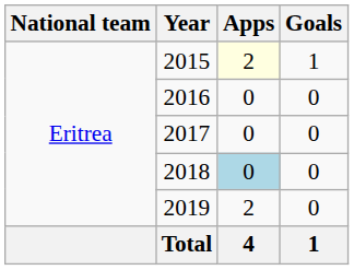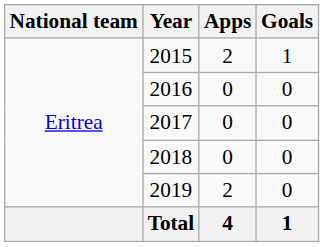 <table class="wikitable" style="text-align:center">
 <tr>
 <th>National team</th>
 <th>Year</th>
 <th>Apps</th>
 <th>Goals</th>
 </tr>
 <tr>
 <td rowspan="5"><a href='#'>Eritrea</a></td>
 <td>2015</td>
-<td style="background: lightyellow;">2</td>
+<td>2</td>
 <td>1</td>
 </tr>
 <tr>
 <td>2016</td>
 <td>0</td>
 <td>0</td>
 </tr>
 <tr>
 <td>2017</td>
 <td>0</td>
 <td>0</td>
 </tr>
 <tr>
 <td>2018</td>
-<td style="background: lightblue;">0</td>
+<td>0</td>
 <td>0</td>
 </tr>
 <tr>
 <td>2019</td>
 <td>2</td>
 <td>0</td>
 </tr>
 <tr>
 <th></th>
 <th>Total</th>
 <th>4</th>
 <th>1</th>
 </tr>
 </table>
